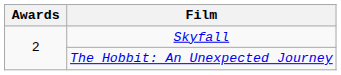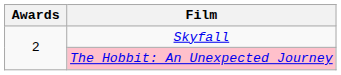 <table class="wikitable" style="text-align:center;">
 <tr>
 <th scope="col" width="55">Awards</th>
 <th scope="col">Film</th>
 </tr>
 <tr>
 <td rowspan=2>2</td>
 <td><em><a href='#'>Skyfall</a></em></td>
 </tr>
 <tr>
-<td><em><a href='#'>The Hobbit: An Unexpected Journey</a></em></td>
+<td style="background: pink;"><em><a href='#'>The Hobbit: An Unexpected Journey</a></em></td>
 </tr>
 </table>
